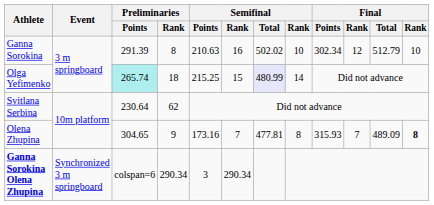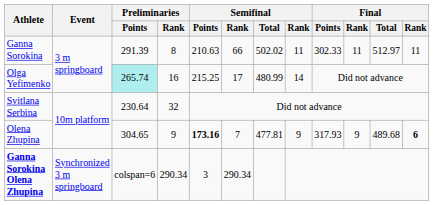 <table class="wikitable" style="font-size:90%">
 <tr>
 <th rowspan="2">Athlete</th>
 <th rowspan="2">Event</th>
 <th colspan=2>Preliminaries</th>
 <th colspan=4>Semifinal</th>
 <th colspan=4>Final</th>
 </tr>
 <tr style="font-size:95%">
 <th>Points</th>
 <th>Rank</th>
 <th>Points</th>
 <th>Rank</th>
 <th>Total</th>
 <th>Rank</th>
 <th>Points</th>
 <th>Rank</th>
 <th>Total</th>
 <th>Rank</th>
 </tr>
 <tr align=center>
 <td align=left><a href='#'>Ganna Sorokina</a></td>
 <td align=left rowspan=2><a href='#'>3 m springboard</a></td>
 <td>291.39</td>
 <td>8</td>
 <td>210.63</td>
-<td>16</td>
+<td>66</td>
 <td>502.02</td>
-<td>10</td>
-<td>302.34</td>
-<td>12</td>
-<td>512.79</td>
-<td>10</td>
+<td>11</td>
+<td>302.33</td>
+<td>11</td>
+<td>512.97</td>
+<td>11</td>
 </tr>
 <tr align=center>
 <td align=left><a href='#'>Olga Yefimenko</a></td>
 <td style="background: paleturquoise;">265.74</td>
-<td>18</td>
+<td>16</td>
 <td>215.25</td>
-<td>15</td>
-<td style="background: lavender;">480.99</td>
+<td>17</td>
+<td>480.99</td>
 <td>14</td>
 <td colspan=4>Did not advance</td>
 </tr>
 <tr align=center>
 <td align=left><a href='#'>Svitlana Serbina</a></td>
 <td align=left rowspan=2><a href='#'>10m platform</a></td>
 <td>230.64</td>
-<td>62</td>
+<td>32</td>
 <td colspan=8>Did not advance</td>
 </tr>
 <tr align=center>
 <td align=left><a href='#'>Olena Zhupina</a></td>
 <td>304.65</td>
 <td>9</td>
-<td>173.16</td>
+<td><strong>173.16</strong></td>
 <td>7</td>
 <td>477.81</td>
-<td>8</td>
-<td>315.93</td>
-<td>7</td>
-<td>489.09</td>
-<td><strong>8</strong></td>
+<td>9</td>
+<td>317.93</td>
+<td>9</td>
+<td>489.68</td>
+<td><strong>6</strong></td>
 </tr>
 <tr align=center>
 <td align=left><strong><a href='#'>Ganna Sorokina</a><br><a href='#'>Olena Zhupina</a></strong></td>
 <td align=left><a href='#'>Synchronized 3 m springboard</a></td>
 <td>colspan=6 </td>
 <td>290.34</td>
 <td>3</td>
 <td>290.34</td>
 <td></td>
 </tr>
 </table>
